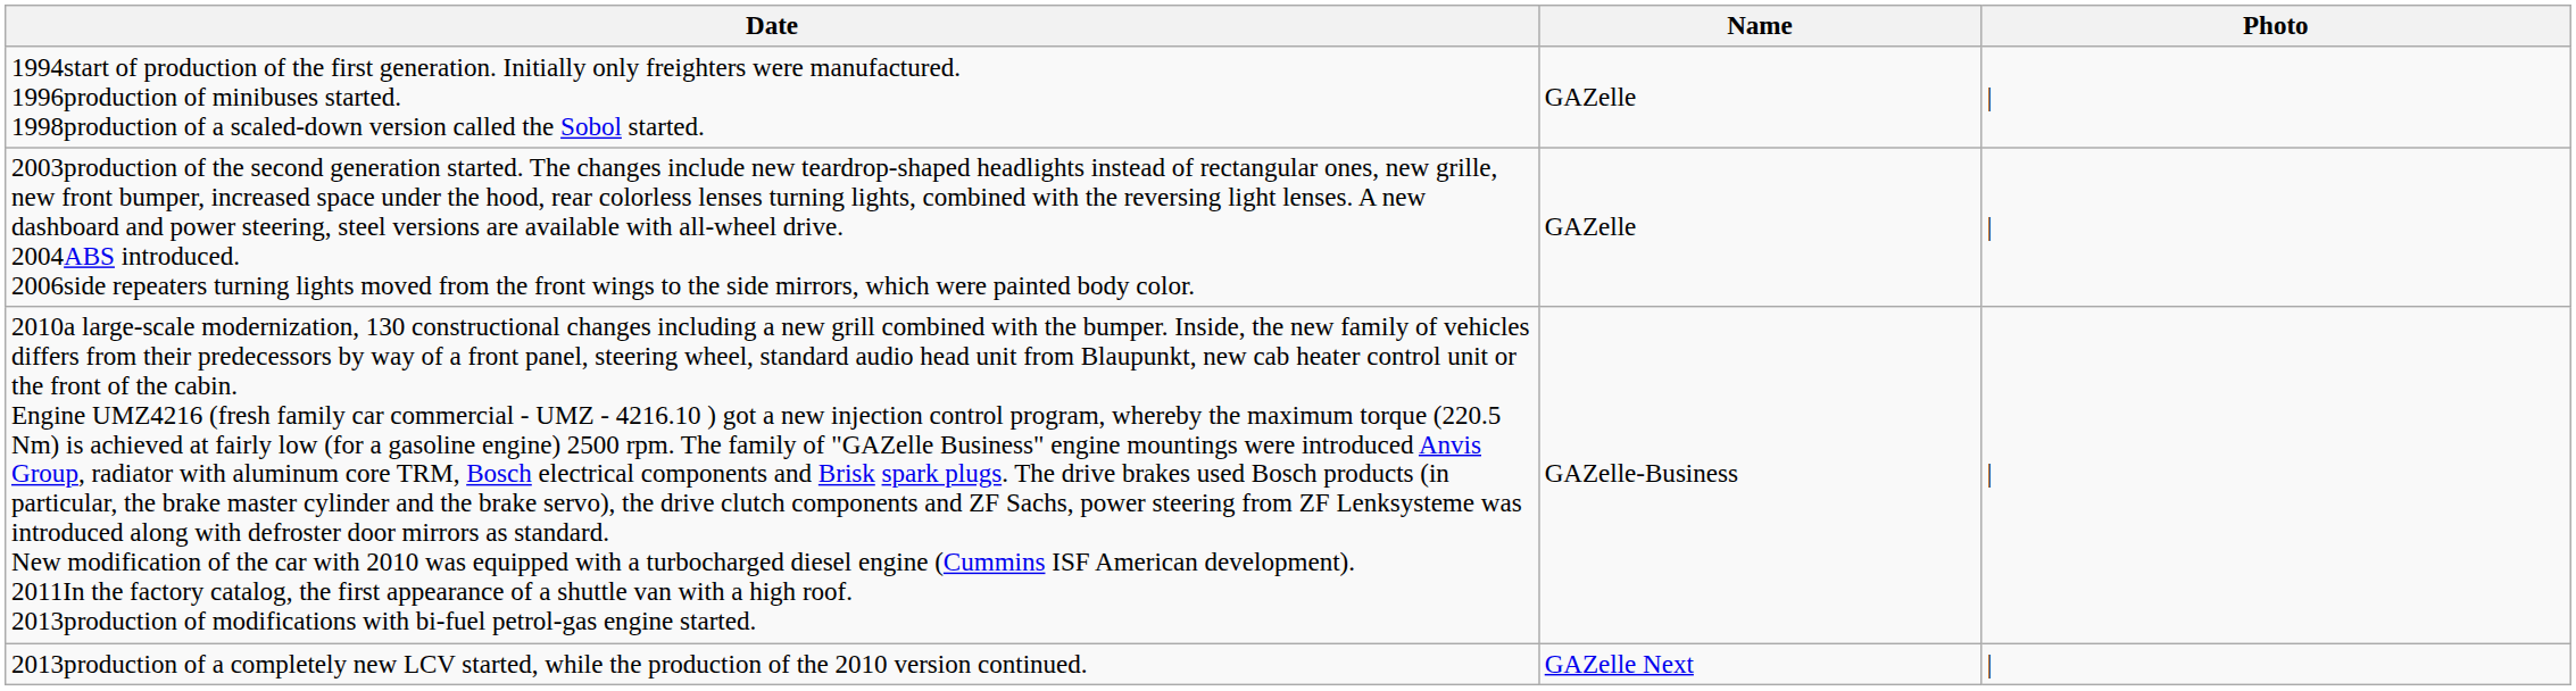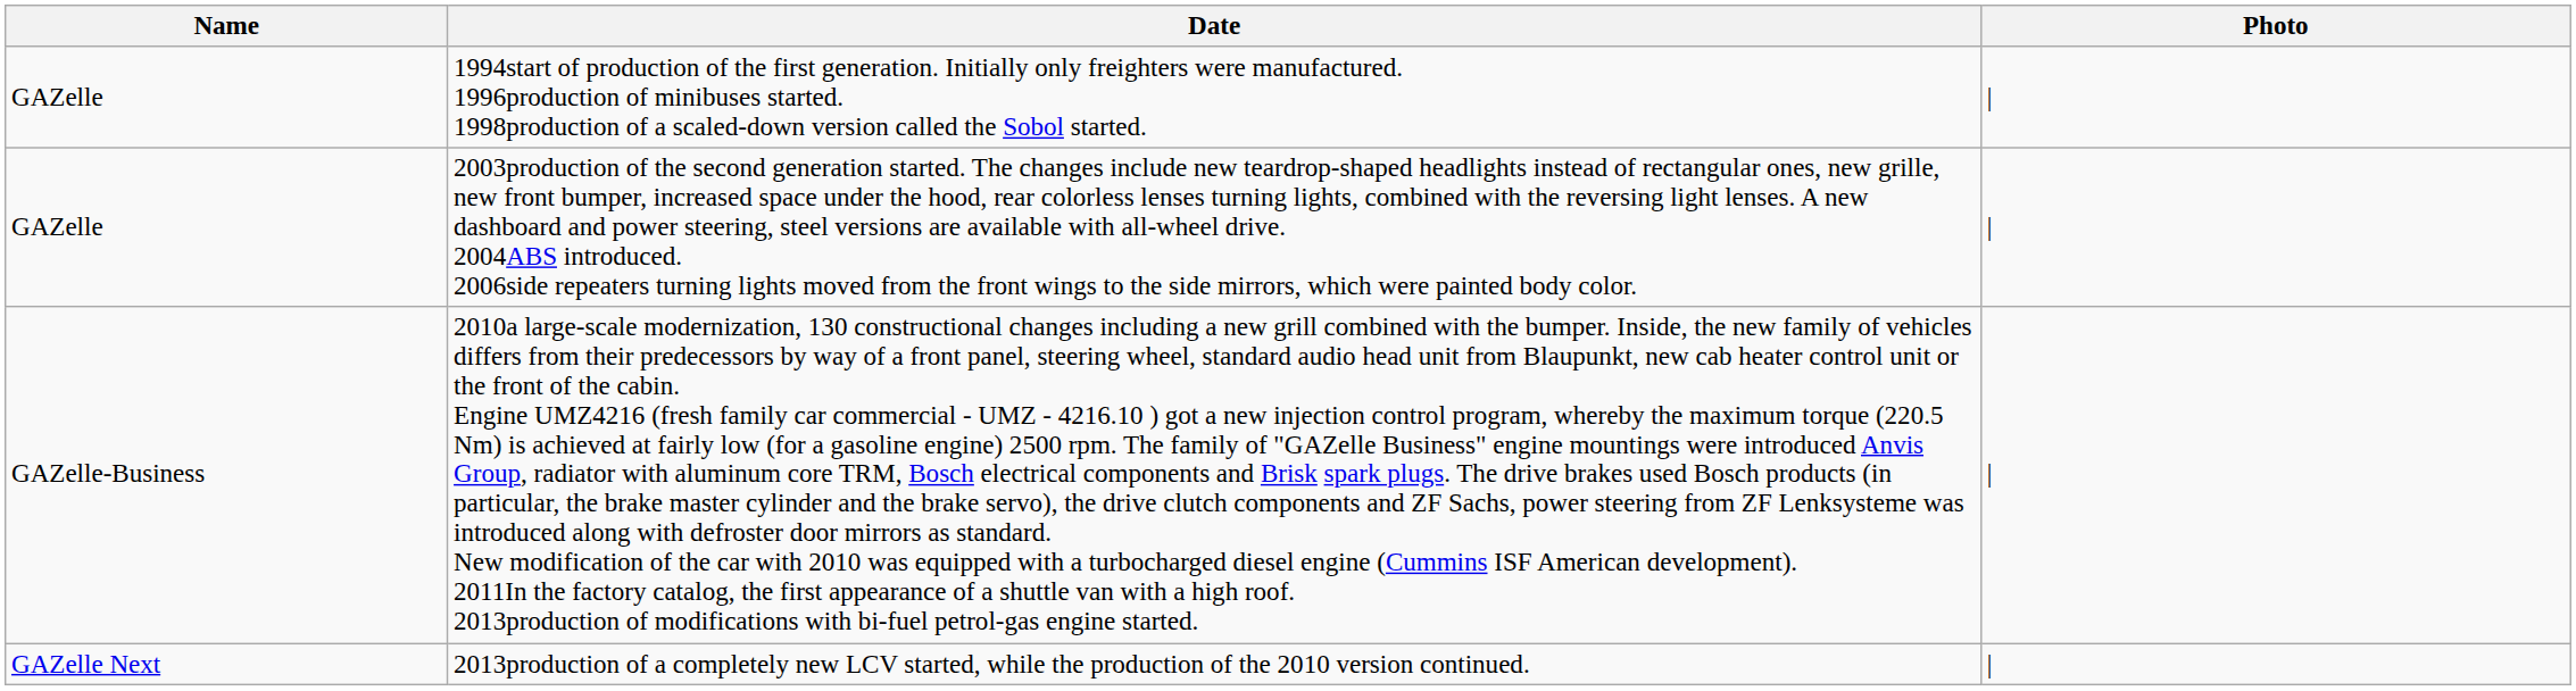 <table class="wikitable">
 <tr>
+<th style="width:15%;">Name</th>
 <th style="width:52%;">Date</th>
-<th style="width:15%;">Name</th>
 <th style="width:20%;">Photo</th>
 </tr>
 <tr>
+<td>GAZelle</td>
 <td>1994start of production of the first generation. Initially only freighters were manufactured.<br>1996production of minibuses started.<br>1998production of a scaled-down version called the <a href='#'>Sobol</a> started.</td>
-<td>GAZelle</td>
 <td>|</td>
 </tr>
 <tr>
+<td>GAZelle</td>
 <td>2003production of the second generation started. The changes include new teardrop-shaped headlights instead of rectangular ones, new grille, new front bumper, increased space under the hood, rear colorless lenses turning lights, combined with the reversing light lenses. A new dashboard and power steering, steel versions are available with all-wheel drive.<br>2004<a href='#'>ABS</a> introduced.<br>2006side repeaters turning lights moved from the front wings to the side mirrors, which were painted body color.</td>
-<td>GAZelle</td>
 <td> |</td>
 </tr>
 <tr>
+<td>GAZelle-Business</td>
 <td>2010a large-scale modernization, 130 constructional changes including a new grill combined with the bumper. Inside, the new family of vehicles differs from their predecessors by way of a front panel, steering wheel, standard audio head unit from Blaupunkt, new cab heater control unit or the front of the cabin.<br>Engine UMZ4216 (fresh family car commercial - UMZ - 4216.10 ) got a new injection control program, whereby the maximum torque (220.5 Nm) is achieved at fairly low (for a gasoline engine) 2500 rpm. The family of "GAZelle Business" engine mountings were introduced <a href='#'>Anvis Group</a>, radiator with aluminum core TRM, <a href='#'>Bosch</a> electrical components and <a href='#'>Brisk</a> <a href='#'>spark plugs</a>. The drive brakes used Bosch products (in particular, the brake master cylinder and the brake servo), the drive clutch components and ZF Sachs, power steering from ZF Lenksysteme was introduced along with defroster door mirrors as standard.<br>New modification of the car with 2010 was equipped with a turbocharged diesel engine (<a href='#'>Cummins</a> ISF American development).<br>2011In the factory catalog, the first appearance of a shuttle van with a high roof.<br>2013production of modifications with bi-fuel petrol-gas engine started.</td>
-<td>GAZelle-Business</td>
 <td> |</td>
 </tr>
 <tr>
+<td><a href='#'>GAZelle Next</a></td>
 <td>2013production of a completely new LCV started, while the production of the 2010 version continued.</td>
-<td><a href='#'>GAZelle Next</a></td>
 <td> |</td>
 </tr>
 </table>
